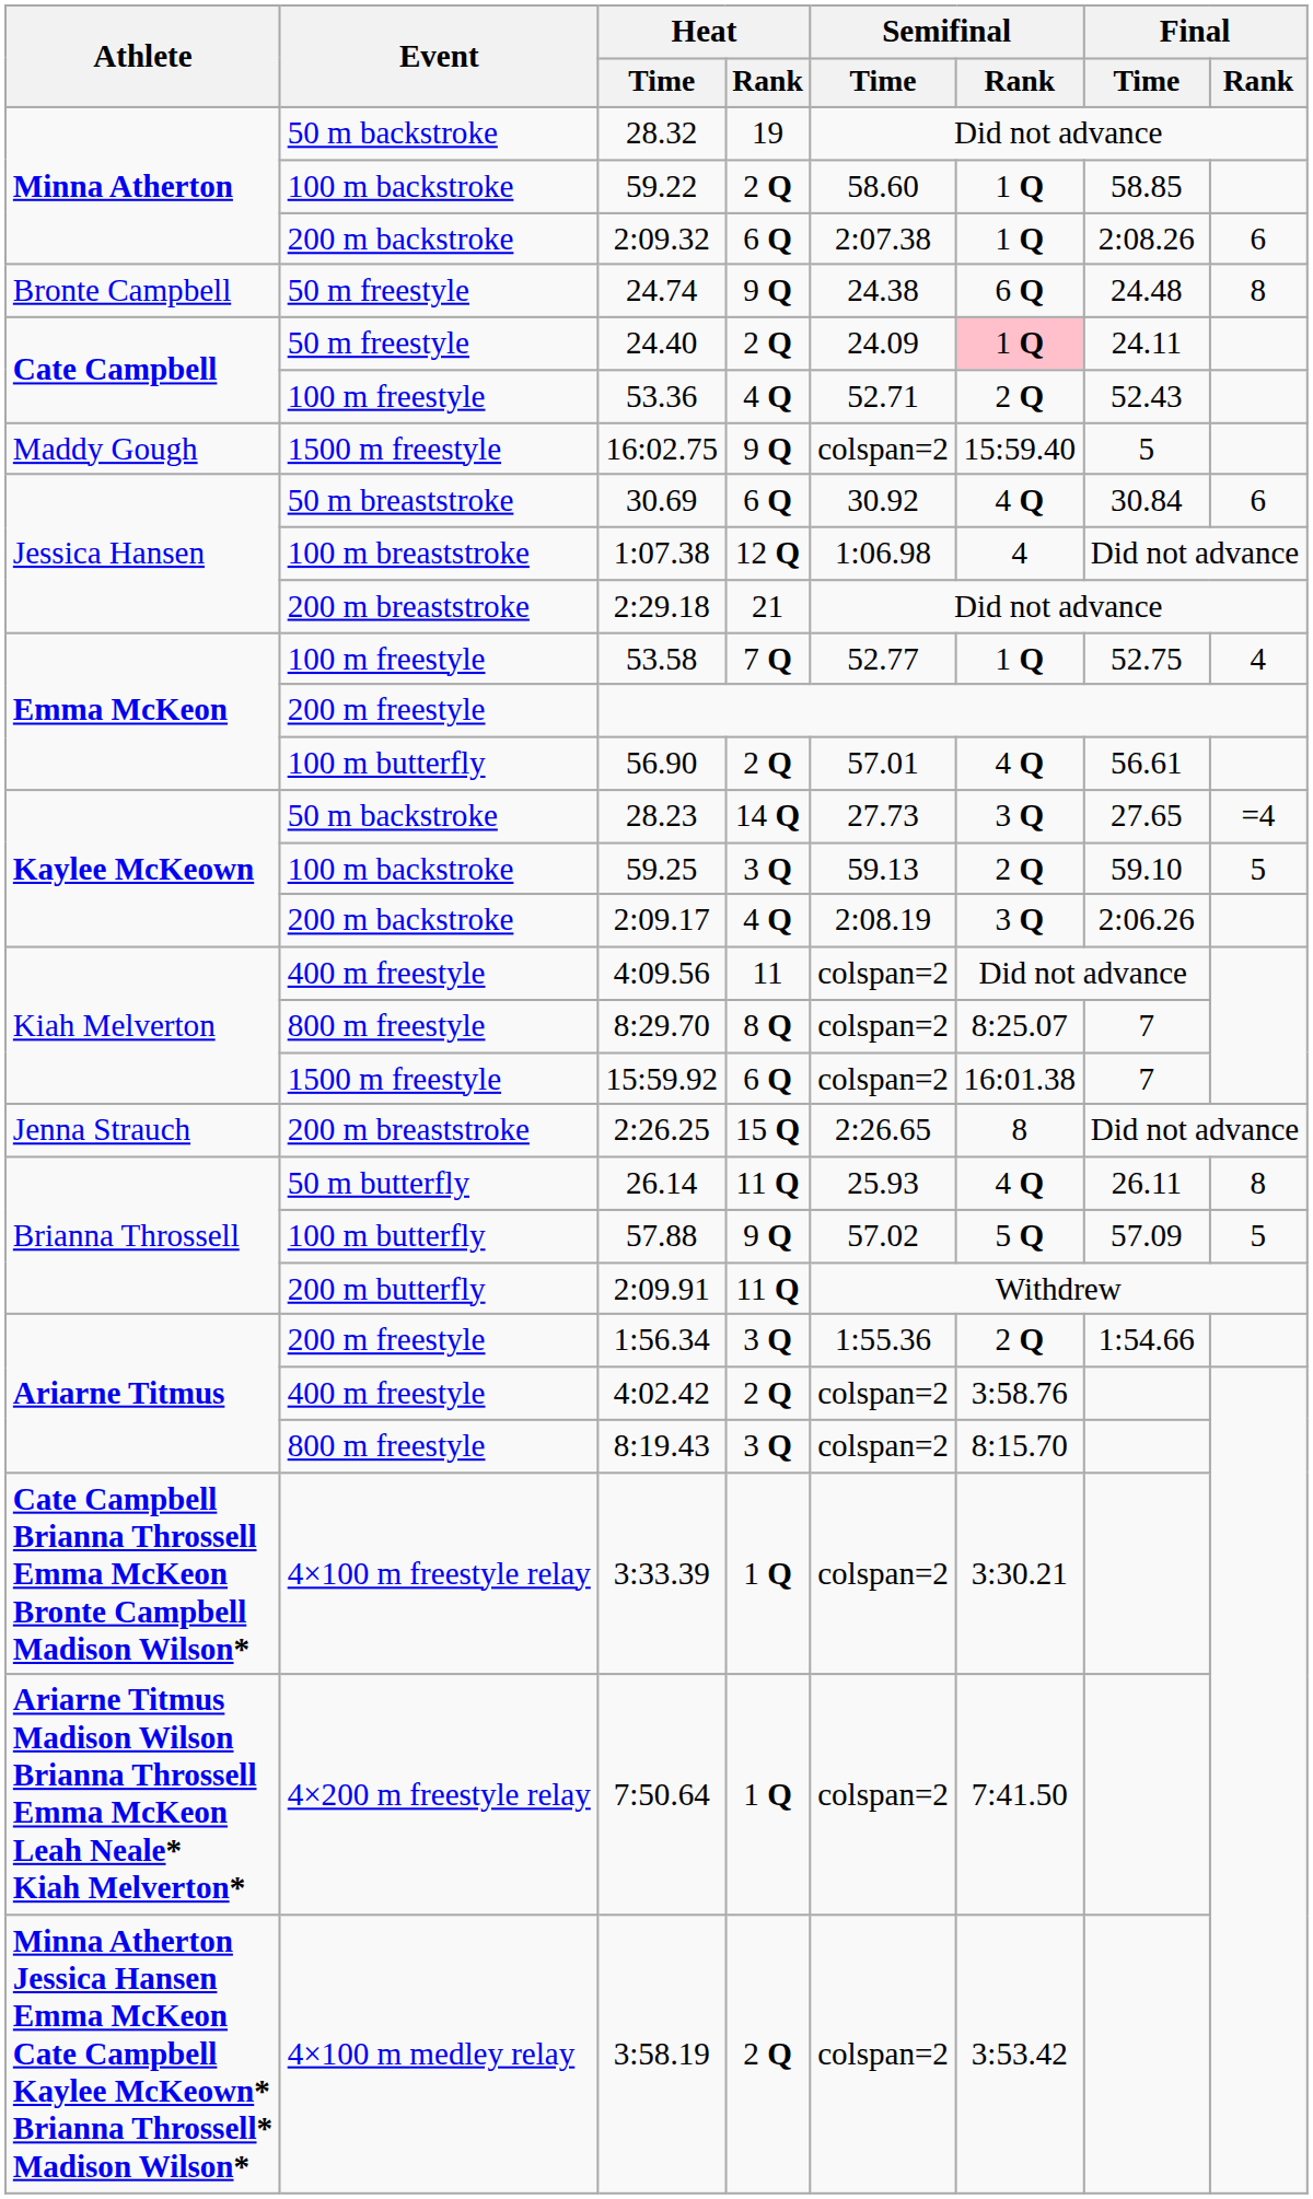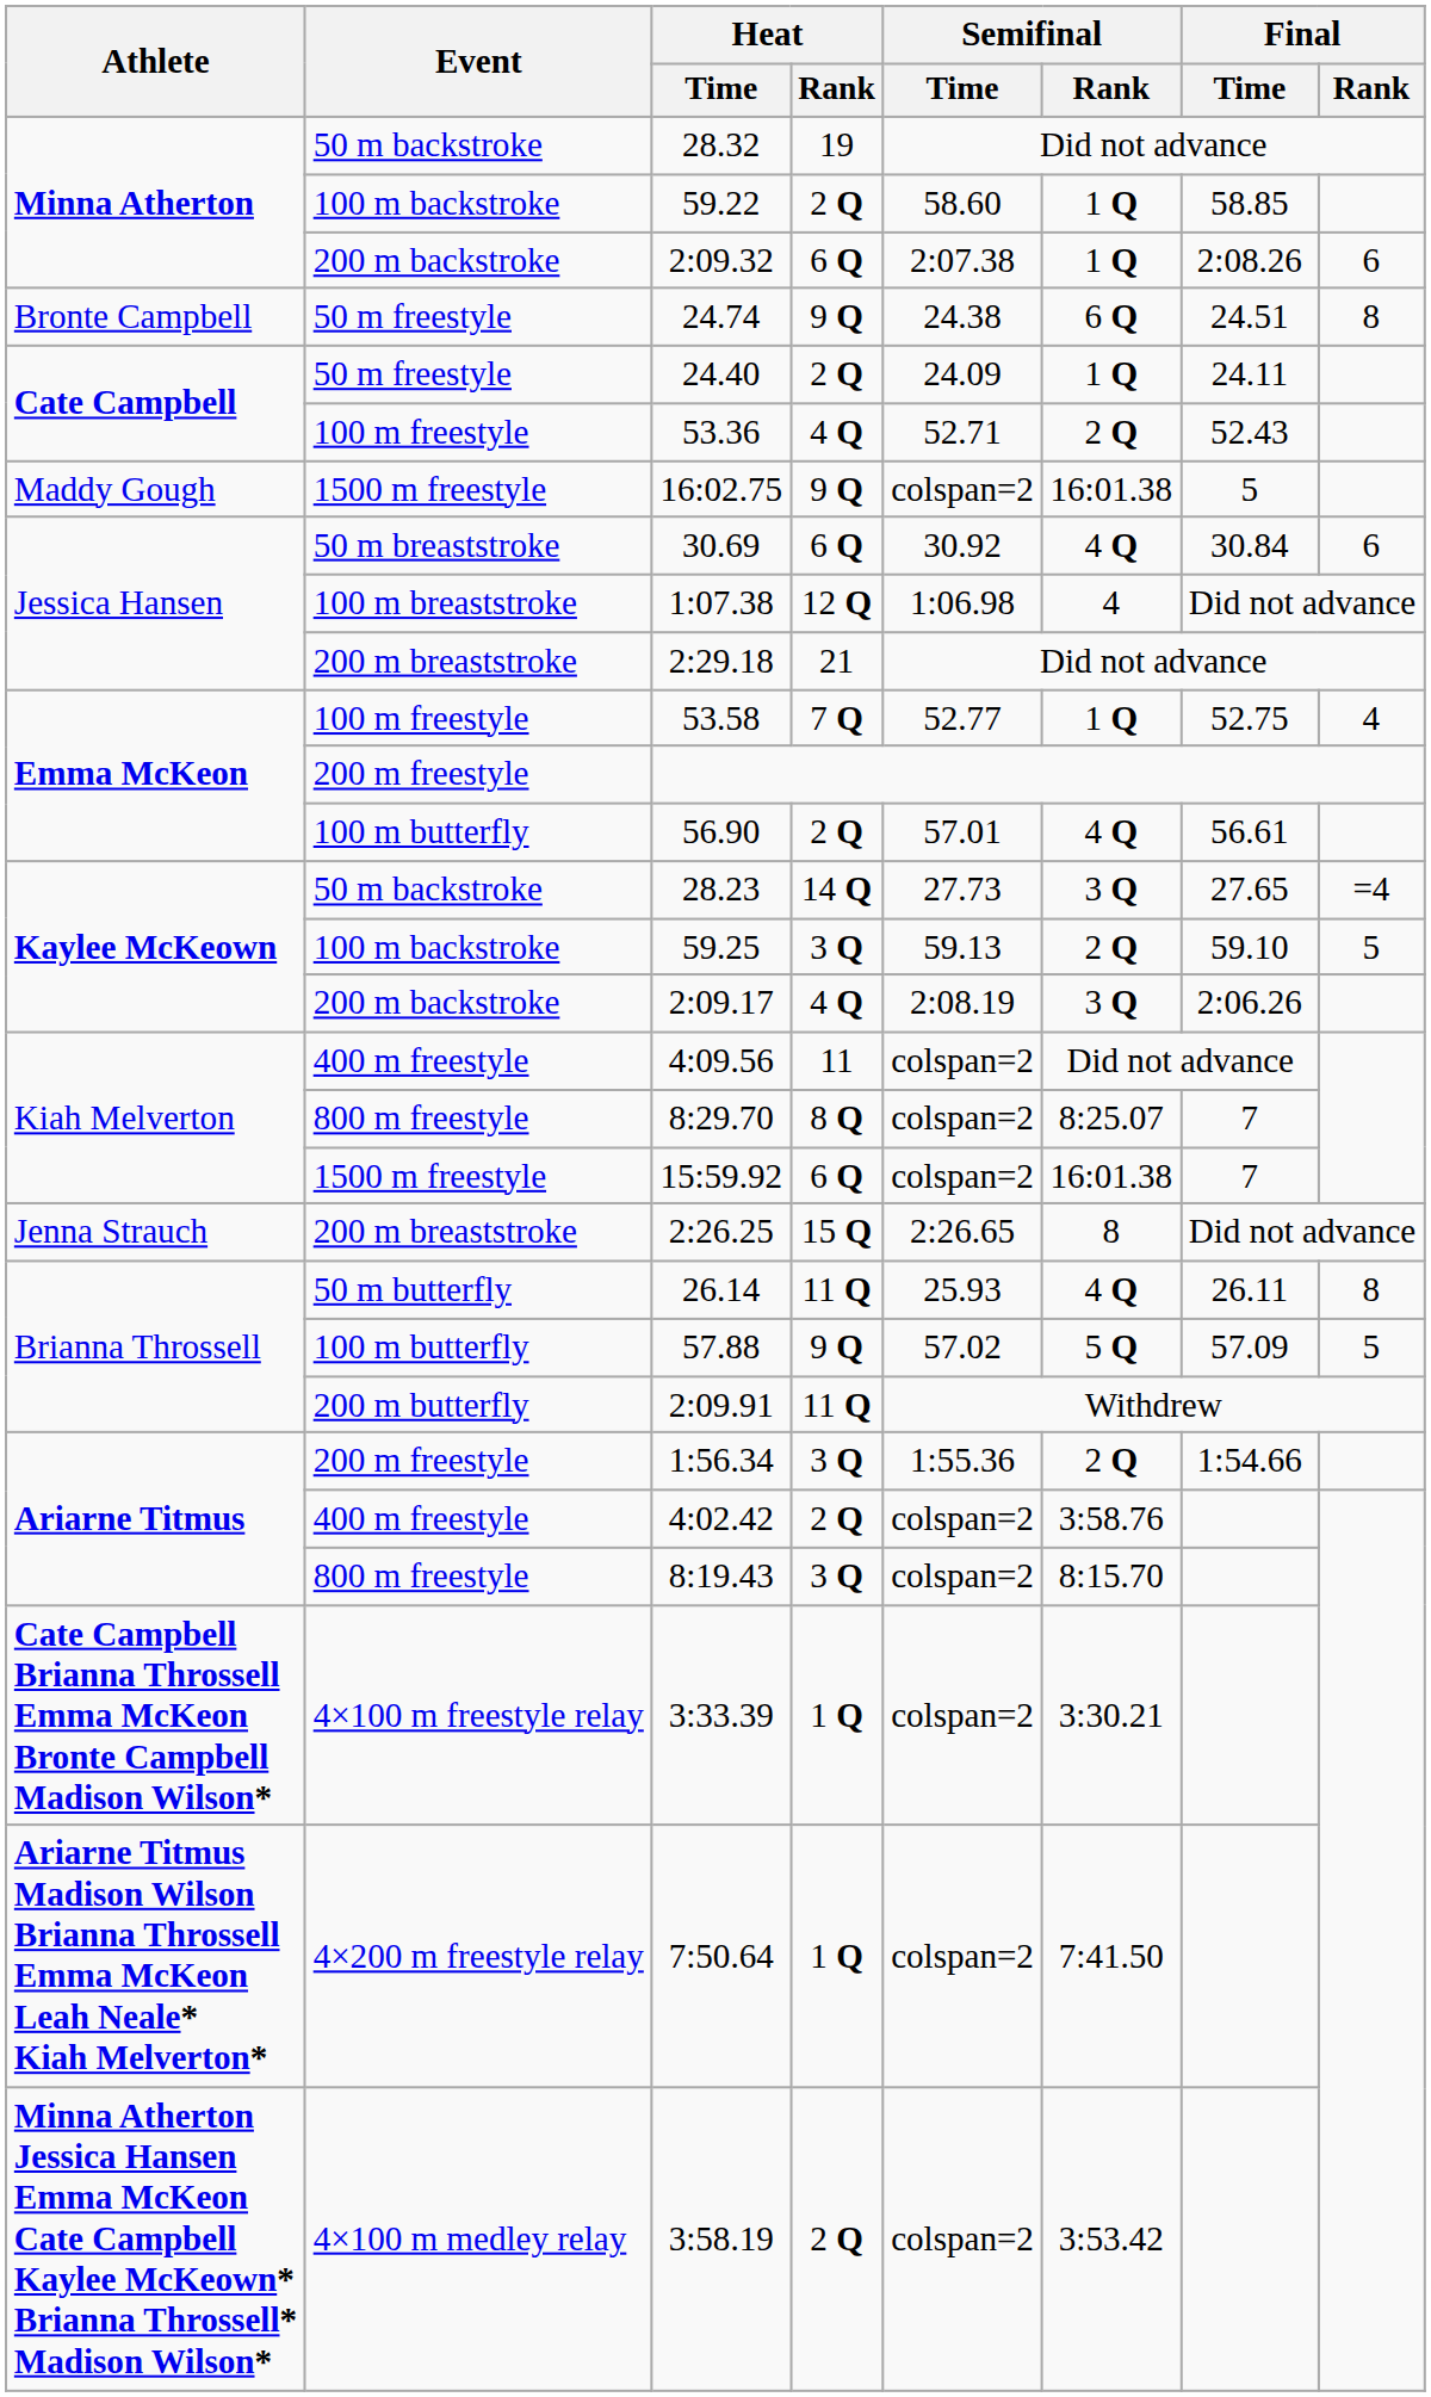 <table class="wikitable" style="text-align:center; font-size:90%">
 <tr>
 <th rowspan="2">Athlete</th>
 <th rowspan="2">Event</th>
 <th colspan="2">Heat</th>
 <th colspan="2">Semifinal</th>
 <th colspan="2">Final</th>
 </tr>
 <tr style="font-size:95%">
 <th>Time</th>
 <th>Rank</th>
 <th>Time</th>
 <th>Rank</th>
 <th>Time</th>
 <th>Rank</th>
 </tr>
 <tr>
 <td align=left rowspan=3><strong><a href='#'>Minna Atherton</a></strong></td>
 <td align=left><a href='#'>50 m backstroke</a></td>
 <td>28.32</td>
 <td>19</td>
 <td colspan=4>Did not advance</td>
 </tr>
 <tr>
 <td align=left><a href='#'>100 m backstroke</a></td>
 <td>59.22</td>
 <td>2 <strong>Q</strong></td>
 <td>58.60</td>
 <td>1 <strong>Q</strong></td>
 <td>58.85</td>
 <td></td>
 </tr>
 <tr>
 <td align=left><a href='#'>200 m backstroke</a></td>
 <td>2:09.32</td>
 <td>6 <strong>Q</strong></td>
 <td>2:07.38</td>
 <td>1 <strong>Q</strong></td>
 <td>2:08.26</td>
 <td>6</td>
 </tr>
 <tr>
 <td align=left><a href='#'>Bronte Campbell</a></td>
 <td align=left><a href='#'>50 m freestyle</a></td>
 <td>24.74</td>
 <td>9 <strong>Q</strong></td>
 <td>24.38</td>
 <td>6 <strong>Q</strong></td>
-<td>24.48</td>
+<td>24.51</td>
 <td>8</td>
 </tr>
 <tr>
 <td align=left rowspan=2><strong><a href='#'>Cate Campbell</a></strong></td>
 <td align=left><a href='#'>50 m freestyle</a></td>
 <td>24.40</td>
 <td>2 <strong>Q</strong></td>
 <td>24.09</td>
-<td style="background: pink;">1 <strong>Q</strong></td>
+<td>1 <strong>Q</strong></td>
 <td>24.11</td>
 <td></td>
 </tr>
 <tr>
 <td align=left><a href='#'>100 m freestyle</a></td>
 <td>53.36</td>
 <td>4 <strong>Q</strong></td>
 <td>52.71</td>
 <td>2 <strong>Q</strong></td>
 <td>52.43</td>
 <td></td>
 </tr>
 <tr>
 <td align=left><a href='#'>Maddy Gough</a></td>
 <td align=left><a href='#'>1500 m freestyle</a></td>
 <td>16:02.75</td>
 <td>9 <strong>Q</strong></td>
 <td>colspan=2 </td>
-<td>15:59.40</td>
+<td>16:01.38</td>
 <td>5</td>
 </tr>
 <tr>
 <td align=left rowspan=3><a href='#'>Jessica Hansen</a></td>
 <td align=left><a href='#'>50 m breaststroke</a></td>
 <td>30.69</td>
 <td>6 <strong>Q</strong></td>
 <td>30.92</td>
 <td>4 <strong>Q</strong></td>
 <td>30.84</td>
 <td>6</td>
 </tr>
 <tr>
 <td align=left><a href='#'>100 m breaststroke</a></td>
 <td>1:07.38</td>
 <td>12 <strong>Q</strong></td>
 <td>1:06.98</td>
 <td>4</td>
 <td colspan=2>Did not advance</td>
 </tr>
 <tr>
 <td align=left><a href='#'>200 m breaststroke</a></td>
 <td>2:29.18</td>
 <td>21</td>
 <td colspan=4>Did not advance</td>
 </tr>
 <tr>
 <td align=left rowspan=3><strong><a href='#'>Emma McKeon</a></strong></td>
 <td align=left><a href='#'>100 m freestyle</a></td>
 <td>53.58</td>
 <td>7 <strong>Q</strong></td>
 <td>52.77</td>
 <td>1 <strong>Q</strong></td>
 <td>52.75</td>
 <td>4</td>
 </tr>
 <tr>
 <td align=left><a href='#'>200 m freestyle</a></td>
 <td colspan=6></td>
 </tr>
 <tr>
 <td align=left><a href='#'>100 m butterfly</a></td>
 <td>56.90</td>
 <td>2 <strong>Q</strong></td>
 <td>57.01</td>
 <td>4 <strong>Q</strong></td>
 <td>56.61</td>
 <td></td>
 </tr>
 <tr>
 <td align=left rowspan=3><strong><a href='#'>Kaylee McKeown</a></strong></td>
 <td align=left><a href='#'>50 m backstroke</a></td>
 <td>28.23</td>
 <td>14 <strong>Q</strong></td>
 <td>27.73</td>
 <td>3 <strong>Q</strong></td>
 <td>27.65</td>
 <td>=4</td>
 </tr>
 <tr>
 <td align=left><a href='#'>100 m backstroke</a></td>
 <td>59.25</td>
 <td>3 <strong>Q</strong></td>
 <td>59.13</td>
 <td>2 <strong>Q</strong></td>
 <td>59.10</td>
 <td>5</td>
 </tr>
 <tr>
 <td align=left><a href='#'>200 m backstroke</a></td>
 <td>2:09.17</td>
 <td>4 <strong>Q</strong></td>
 <td>2:08.19</td>
 <td>3 <strong>Q</strong></td>
 <td>2:06.26</td>
 <td></td>
 </tr>
 <tr>
 <td align=left rowspan=3><a href='#'>Kiah Melverton</a></td>
 <td align=left><a href='#'>400 m freestyle</a></td>
 <td>4:09.56</td>
 <td>11</td>
 <td>colspan=2 </td>
 <td colspan=2>Did not advance</td>
 </tr>
 <tr>
 <td align=left><a href='#'>800 m freestyle</a></td>
 <td>8:29.70</td>
 <td>8 <strong>Q</strong></td>
 <td>colspan=2 </td>
 <td>8:25.07</td>
 <td>7</td>
 </tr>
 <tr>
 <td align=left><a href='#'>1500 m freestyle</a></td>
 <td>15:59.92</td>
 <td>6 <strong>Q</strong></td>
 <td>colspan=2 </td>
 <td>16:01.38</td>
 <td>7</td>
 </tr>
 <tr>
 <td align=left><a href='#'>Jenna Strauch</a></td>
 <td align=left><a href='#'>200 m breaststroke</a></td>
 <td>2:26.25</td>
 <td>15 <strong>Q</strong></td>
 <td>2:26.65</td>
 <td>8</td>
 <td colspan=2>Did not advance</td>
 </tr>
 <tr>
 <td align=left rowspan=3><a href='#'>Brianna Throssell</a></td>
 <td align=left><a href='#'>50 m butterfly</a></td>
 <td>26.14</td>
 <td>11 <strong>Q</strong></td>
 <td>25.93</td>
 <td>4 <strong>Q</strong></td>
 <td>26.11</td>
 <td>8</td>
 </tr>
 <tr>
 <td align=left><a href='#'>100 m butterfly</a></td>
 <td>57.88</td>
 <td>9 <strong>Q</strong></td>
 <td>57.02</td>
 <td>5 <strong>Q</strong></td>
 <td>57.09</td>
 <td>5</td>
 </tr>
 <tr>
 <td align=left><a href='#'>200 m butterfly</a></td>
 <td>2:09.91</td>
 <td>11 <strong>Q</strong></td>
 <td colspan=4>Withdrew</td>
 </tr>
 <tr>
 <td align=left rowspan=3><strong><a href='#'>Ariarne Titmus</a></strong></td>
 <td align=left><a href='#'>200 m freestyle</a></td>
 <td>1:56.34</td>
 <td>3 <strong>Q</strong></td>
 <td>1:55.36</td>
 <td>2 <strong>Q</strong></td>
 <td>1:54.66</td>
 <td></td>
 </tr>
 <tr>
 <td align=left><a href='#'>400 m freestyle</a></td>
 <td>4:02.42</td>
 <td>2 <strong>Q</strong></td>
 <td>colspan=2 </td>
 <td>3:58.76</td>
 <td></td>
 </tr>
 <tr>
 <td align=left><a href='#'>800 m freestyle</a></td>
 <td>8:19.43</td>
 <td>3 <strong>Q</strong></td>
 <td>colspan=2 </td>
 <td>8:15.70</td>
 <td></td>
 </tr>
 <tr>
 <td align=left><strong><a href='#'>Cate Campbell</a><br><a href='#'>Brianna Throssell</a><br><a href='#'>Emma McKeon</a><br><a href='#'>Bronte Campbell</a><br><a href='#'>Madison Wilson</a>*</strong></td>
 <td align=left><a href='#'>4×100 m freestyle relay</a></td>
 <td>3:33.39</td>
 <td>1 <strong>Q</strong></td>
 <td>colspan=2 </td>
 <td>3:30.21</td>
 <td></td>
 </tr>
 <tr>
 <td align=left><strong><a href='#'>Ariarne Titmus</a><br><a href='#'>Madison Wilson</a><br><a href='#'>Brianna Throssell</a><br><a href='#'>Emma McKeon</a><br><a href='#'>Leah Neale</a>*<br><a href='#'>Kiah Melverton</a>*</strong></td>
 <td align=left><a href='#'>4×200 m freestyle relay</a></td>
 <td>7:50.64</td>
 <td>1 <strong>Q</strong></td>
 <td>colspan=2 </td>
 <td>7:41.50 </td>
 <td></td>
 </tr>
 <tr>
 <td align=left><strong><a href='#'>Minna Atherton</a><br><a href='#'>Jessica Hansen</a><br><a href='#'>Emma McKeon</a><br><a href='#'>Cate Campbell</a><br><a href='#'>Kaylee McKeown</a>*<br><a href='#'>Brianna Throssell</a>*<br><a href='#'>Madison Wilson</a>*</strong></td>
 <td align=left><a href='#'>4×100 m medley relay</a></td>
 <td>3:58.19</td>
 <td>2 <strong>Q</strong></td>
 <td>colspan=2 </td>
 <td>3:53.42</td>
 <td></td>
 </tr>
 </table>
